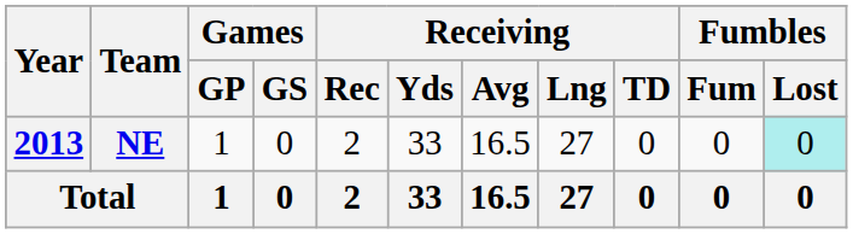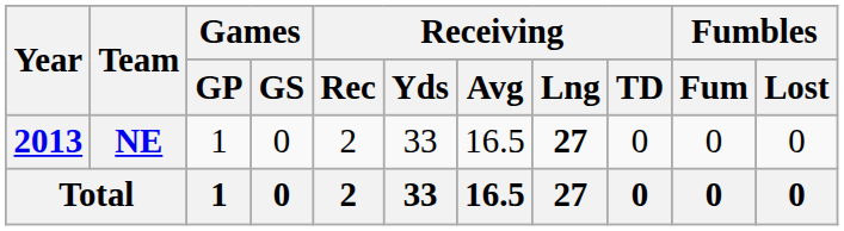 <table class=wikitable style="text-align:center;">
 <tr>
 <th rowspan="2">Year</th>
 <th rowspan="2">Team</th>
 <th colspan="2">Games</th>
 <th colspan="5">Receiving</th>
 <th colspan="2">Fumbles</th>
 </tr>
 <tr>
 <th>GP</th>
 <th>GS</th>
 <th>Rec</th>
 <th>Yds</th>
 <th>Avg</th>
 <th>Lng</th>
 <th>TD</th>
 <th>Fum</th>
 <th>Lost</th>
 </tr>
 <tr>
 <th><a href='#'>2013</a></th>
 <th><a href='#'>NE</a></th>
 <td>1</td>
 <td>0</td>
 <td>2</td>
 <td>33</td>
 <td>16.5</td>
-<td>27</td>
+<td><strong>27</strong></td>
 <td>0</td>
 <td>0</td>
-<td style="background: paleturquoise;">0</td>
+<td>0</td>
 </tr>
 <tr>
 <th colspan="2">Total</th>
 <th>1</th>
 <th>0</th>
 <th>2</th>
 <th>33</th>
 <th>16.5</th>
 <th>27</th>
 <th>0</th>
 <th>0</th>
 <th>0</th>
 </tr>
 </table>
